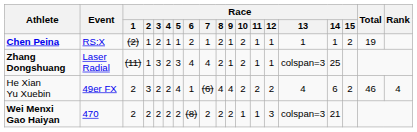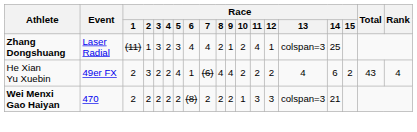 <table class=wikitable style=font-size:90%;text-align:center>
 <tr>
 <th rowspan="2">Athlete</th>
 <th rowspan="2">Event</th>
 <th colspan=15>Race</th>
 <th rowspan=2>Total</th>
 <th rowspan=2>Rank</th>
 </tr>
 <tr style="font-size:95%">
 <th>1</th>
 <th>2</th>
 <th>3</th>
 <th>4</th>
 <th>5</th>
 <th>6</th>
 <th>7</th>
 <th>8</th>
 <th>9</th>
 <th>10</th>
 <th>11</th>
 <th>12</th>
 <th>13</th>
 <th>14</th>
 <th>15</th>
 </tr>
 <tr>
-<td align=left><strong><a href='#'>Chen Peina</a></strong></td>
-<td align=left><a href='#'>RS:X</a></td>
-<td><s>(2)</s></td>
-<td>1</td>
-<td>2</td>
-<td>1</td>
-<td>1</td>
-<td>2</td>
-<td>1</td>
-<td>2</td>
-<td>1</td>
-<td>2</td>
-<td>1</td>
-<td>1</td>
-<td>1</td>
-<td>1</td>
-<td>2</td>
-<td>19</td>
-<td></td>
-</tr>
-<tr>
 <td align=left><strong>Zhang Dongshuang</strong></td>
 <td align=left><a href='#'>Laser Radial</a></td>
 <td><s>(11)</s><br></td>
 <td>1</td>
 <td>3</td>
 <td>2</td>
 <td>3</td>
 <td>4</td>
 <td>4</td>
 <td>2</td>
 <td>1</td>
 <td>2</td>
-<td>1</td>
+<td>4</td>
 <td>1</td>
 <td>colspan=3 </td>
 <td>25</td>
 <td></td>
 </tr>
 <tr>
 <td align=left>He Xian<br>Yu Xuebin</td>
 <td align=left><a href='#'>49er FX</a></td>
 <td>2</td>
 <td>3</td>
 <td>2</td>
 <td>2</td>
 <td>4</td>
 <td>1</td>
 <td><s>(6)</s><br></td>
 <td>4</td>
 <td>4</td>
 <td>2</td>
 <td>2</td>
 <td>2</td>
 <td>4</td>
 <td>6<br></td>
 <td>2</td>
-<td>46</td>
+<td>43</td>
 <td>4</td>
 </tr>
 <tr>
 <td align=left><strong>Wei Menxi<br>Gao Haiyan</strong></td>
 <td align=left><a href='#'>470</a></td>
 <td>2</td>
 <td>2</td>
 <td>2</td>
 <td>2</td>
 <td>2</td>
 <td><s>(8)</s><br></td>
 <td>2</td>
 <td>2</td>
 <td>2</td>
 <td>1</td>
-<td>1</td>
+<td>3</td>
 <td>3</td>
 <td>colspan=3 </td>
 <td>21</td>
 <td></td>
 </tr>
 </table>
